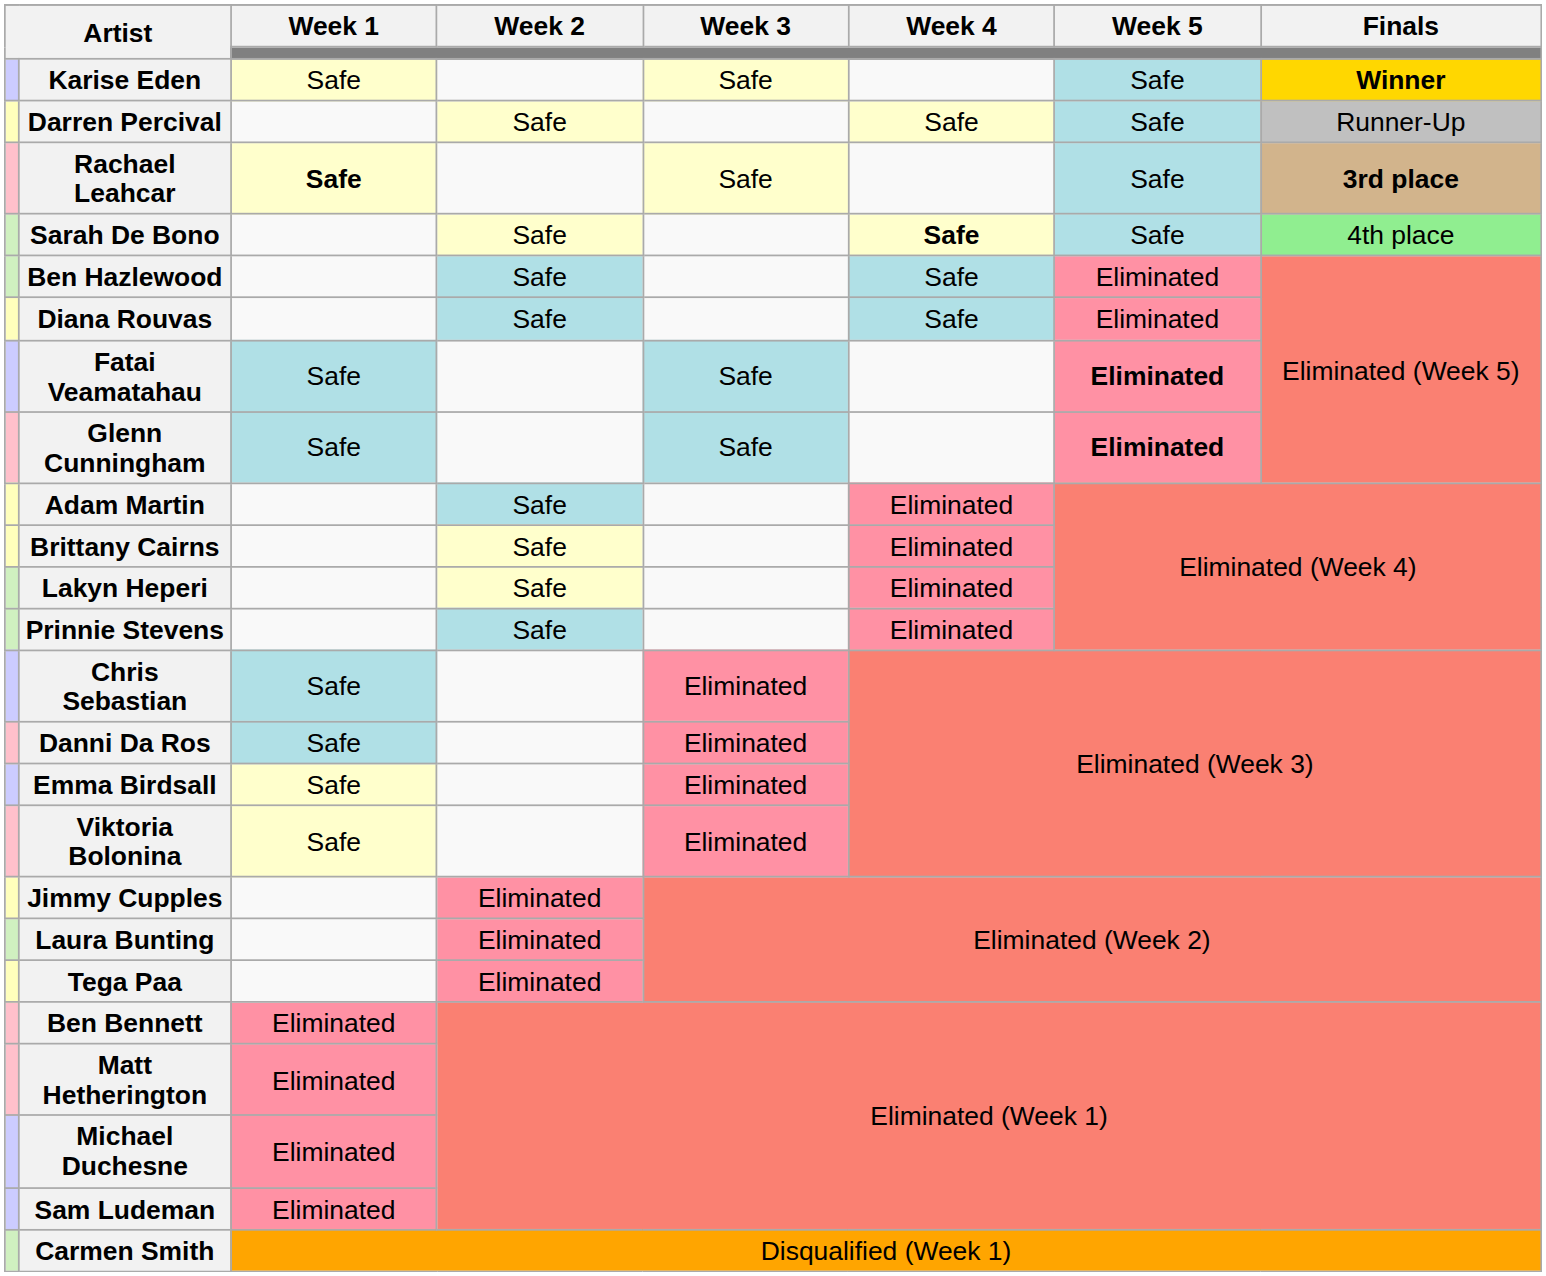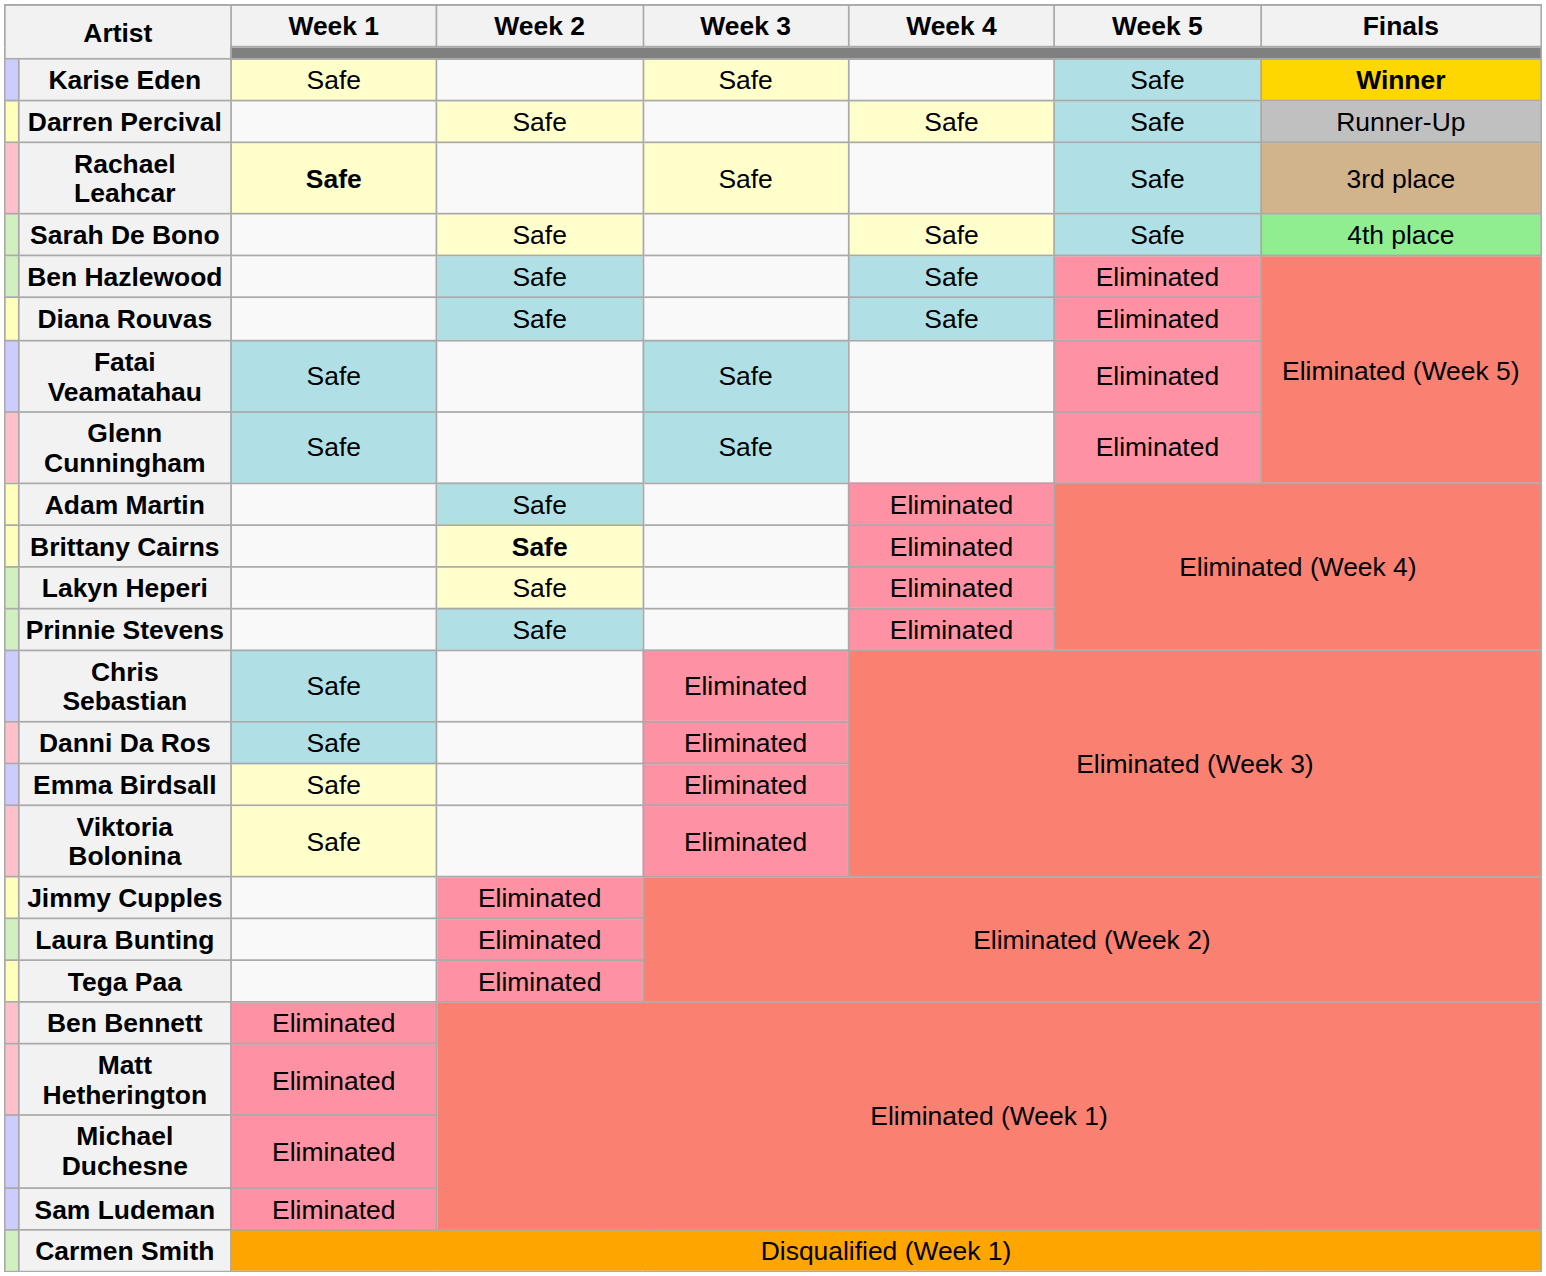 <table class="wikitable"  style="text-align:center; font-size:95%; width:100%;">
 <tr>
 </tr>
 <tr>
 <th style="width:11%;" rowspan="2" colspan="2">Artist</th>
 <th style="width:11%;">Week 1</th>
 <th style="width:11%;">Week 2</th>
 <th style="width:11%;">Week 3</th>
 <th style="width:11%;">Week 4</th>
 <th style="width:11%;">Week 5</th>
 <th style="width:15%;">Finals</th>
 </tr>
 <tr>
 <th colspan="9" style="background:gray;"></th>
 </tr>
 <tr>
 <th style="background:#ccf;"></th>
 <th>Karise Eden</th>
 <td style="background:#ffc;">Safe</td>
 <td></td>
 <td style="background:#ffc;">Safe</td>
 <td></td>
 <td style="background:#B0E0E6;">Safe</td>
 <td style="background:gold;"><strong>Winner</strong></td>
 </tr>
 <tr>
 <th style="background:#ffffbc;"></th>
 <th>Darren Percival</th>
 <td></td>
 <td style="background:#ffc;">Safe</td>
 <td></td>
 <td style="background:#ffc;">Safe</td>
 <td style="background:#B0E0E6;">Safe</td>
 <td style="background:silver;">Runner-Up</td>
 </tr>
 <tr>
 <th style="background:pink;"></th>
 <th>Rachael Leahcar</th>
 <td style="background:#ffc;"><strong>Safe</strong></td>
 <td></td>
 <td style="background:#ffc;">Safe</td>
 <td></td>
 <td style="background:#B0E0E6;">Safe</td>
-<td style="background:tan;"><strong>3rd place</strong></td>
+<td style="background:tan;">3rd place</td>
 </tr>
 <tr>
 <th style="background:#d0f0c0;"></th>
 <th>Sarah De Bono</th>
 <td></td>
 <td style="background:#ffc;">Safe</td>
 <td></td>
-<td style="background:#ffc;"><strong>Safe</strong></td>
+<td style="background:#ffc;">Safe</td>
 <td style="background:#B0E0E6;">Safe</td>
 <td style="background:lightgreen;">4th place</td>
 </tr>
 <tr>
 <th style="background:#d0f0c0;"></th>
 <th>Ben Hazlewood</th>
 <td></td>
 <td style="background:#B0E0E6;">Safe</td>
 <td></td>
 <td style="background:#B0E0E6;">Safe</td>
 <td style="background:#FF91A4;">Eliminated</td>
 <td rowspan="4" colspan="6" style="background:salmon;">Eliminated (Week 5)</td>
 </tr>
 <tr>
 <th style="background:#ffffbc;"></th>
 <th>Diana Rouvas</th>
 <td></td>
 <td style="background:#B0E0E6;">Safe</td>
 <td></td>
 <td style="background:#B0E0E6;">Safe</td>
 <td style="background:#FF91A4;">Eliminated</td>
 </tr>
 <tr>
 <th style="background:#ccf;"></th>
 <th>Fatai Veamatahau</th>
 <td style="background:#B0E0E6;">Safe</td>
 <td></td>
 <td style="background:#B0E0E6;">Safe</td>
 <td></td>
-<td style="background:#FF91A4;"><strong>Eliminated</strong></td>
+<td style="background:#FF91A4;">Eliminated</td>
 </tr>
 <tr>
 <th style="background:pink;"></th>
 <th>Glenn Cunningham</th>
 <td style="background:#B0E0E6;">Safe</td>
 <td></td>
 <td style="background:#B0E0E6;">Safe</td>
 <td></td>
-<td style="background:#FF91A4;"><strong>Eliminated</strong></td>
+<td style="background:#FF91A4;">Eliminated</td>
 </tr>
 <tr>
 <th style="background:#ffffbc;"></th>
 <th>Adam Martin</th>
 <td></td>
 <td style="background:#B0E0E6;">Safe</td>
 <td></td>
 <td style="background:#FF91A4;">Eliminated</td>
 <td rowspan="4" colspan="6" style="background:salmon;">Eliminated (Week 4)</td>
 </tr>
 <tr>
 <th style="background:#ffffbc;"></th>
 <th>Brittany Cairns</th>
 <td></td>
-<td style="background:#ffc;">Safe</td>
+<td style="background:#ffc;"><strong>Safe</strong></td>
 <td></td>
 <td style="background:#FF91A4;">Eliminated</td>
 </tr>
 <tr>
 <th style="background:#d0f0c0;"></th>
 <th>Lakyn Heperi</th>
 <td></td>
 <td style="background:#ffc;">Safe</td>
 <td></td>
 <td style="background:#FF91A4;">Eliminated</td>
 </tr>
 <tr>
 <th style="background:#d0f0c0;"></th>
 <th>Prinnie Stevens</th>
 <td></td>
 <td style="background:#B0E0E6;">Safe</td>
 <td></td>
 <td style="background:#FF91A4;">Eliminated</td>
 </tr>
 <tr>
 <th style="background:#ccf;"></th>
 <th>Chris Sebastian</th>
 <td style="background:#B0E0E6;">Safe</td>
 <td></td>
 <td style="background:#FF91A4;">Eliminated</td>
 <td rowspan="4" colspan="6" style="background:salmon;">Eliminated (Week 3)</td>
 </tr>
 <tr>
 <th style="background:pink;"></th>
 <th>Danni Da Ros</th>
 <td style="background:#B0E0E6;">Safe</td>
 <td></td>
 <td style="background:#FF91A4;">Eliminated</td>
 </tr>
 <tr>
 <th style="background:#ccf;"></th>
 <th>Emma Birdsall</th>
 <td style="background:#ffc;">Safe</td>
 <td></td>
 <td style="background:#FF91A4;">Eliminated</td>
 </tr>
 <tr>
 <th style="background:pink;"></th>
 <th>Viktoria Bolonina</th>
 <td style="background:#ffc;">Safe</td>
 <td></td>
 <td style="background:#FF91A4;">Eliminated</td>
 </tr>
 <tr>
 <th style="background:#ffffbc;"></th>
 <th>Jimmy Cupples</th>
 <td></td>
 <td style="background:#FF91A4;">Eliminated</td>
 <td rowspan="3" colspan="6" style="background:salmon;">Eliminated (Week 2)</td>
 </tr>
 <tr>
 <th style="background:#d0f0c0;"></th>
 <th>Laura Bunting</th>
 <td></td>
 <td style="background:#FF91A4;">Eliminated</td>
 </tr>
 <tr>
 <th style="background:#ffffbc;"></th>
 <th>Tega Paa</th>
 <td></td>
 <td style="background:#FF91A4;">Eliminated</td>
 </tr>
 <tr>
 <th style="background:pink;"></th>
 <th>Ben Bennett</th>
 <td style="background:#FF91A4;">Eliminated</td>
 <td rowspan="4" colspan="6" style="background:salmon;">Eliminated (Week 1)</td>
 </tr>
 <tr>
 <th style="background:pink;"></th>
 <th>Matt Hetherington</th>
 <td style="background:#FF91A4;">Eliminated</td>
 </tr>
 <tr>
 <th style="background:#ccf;"></th>
 <th>Michael Duchesne</th>
 <td style="background:#FF91A4;">Eliminated</td>
 </tr>
 <tr>
 <th style="background:#ccf;"></th>
 <th>Sam Ludeman</th>
 <td style="background:#FF91A4;">Eliminated</td>
 </tr>
 <tr>
 <th style="background:#d0f0c0;"></th>
 <th>Carmen Smith</th>
 <td colspan="6" style="background:orange;">Disqualified (Week 1)</td>
 </tr>
 </table>
